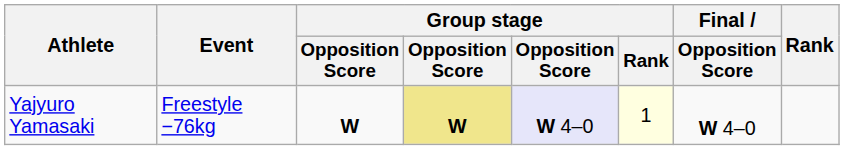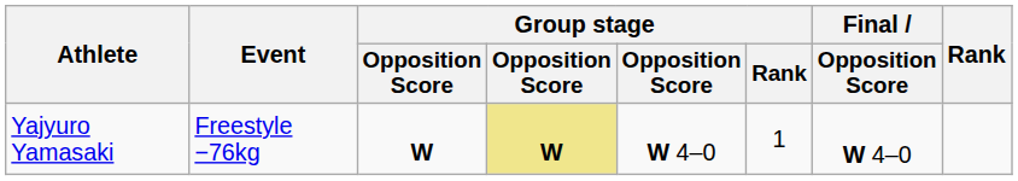 <table class="wikitable" style="font-size:90%">
 <tr>
 <th rowspan=2>Athlete</th>
 <th rowspan=2>Event</th>
 <th colspan=4>Group stage</th>
 <th>Final / </th>
 <th rowspan=2>Rank</th>
 </tr>
 <tr style="font-size:95%">
 <th>Opposition<br>Score</th>
 <th>Opposition<br>Score</th>
 <th>Opposition<br>Score</th>
 <th>Rank</th>
 <th>Opposition<br>Score</th>
 </tr>
 <tr align=center>
 <td align=left><a href='#'>Yajyuro Yamasaki</a></td>
 <td align=left><a href='#'>Freestyle −76kg</a></td>
 <td><br><strong>W</strong></td>
 <td style="background: khaki;"><br><strong>W</strong></td>
-<td style="background: lavender;"><br><strong>W</strong> 4–0</td>
-<td style="background: lightyellow;">1 </td>
+<td><br><strong>W</strong> 4–0</td>
+<td>1 </td>
 <td><br><strong>W</strong> 4–0 <sup></sup></td>
 <td></td>
 </tr>
 </table>
